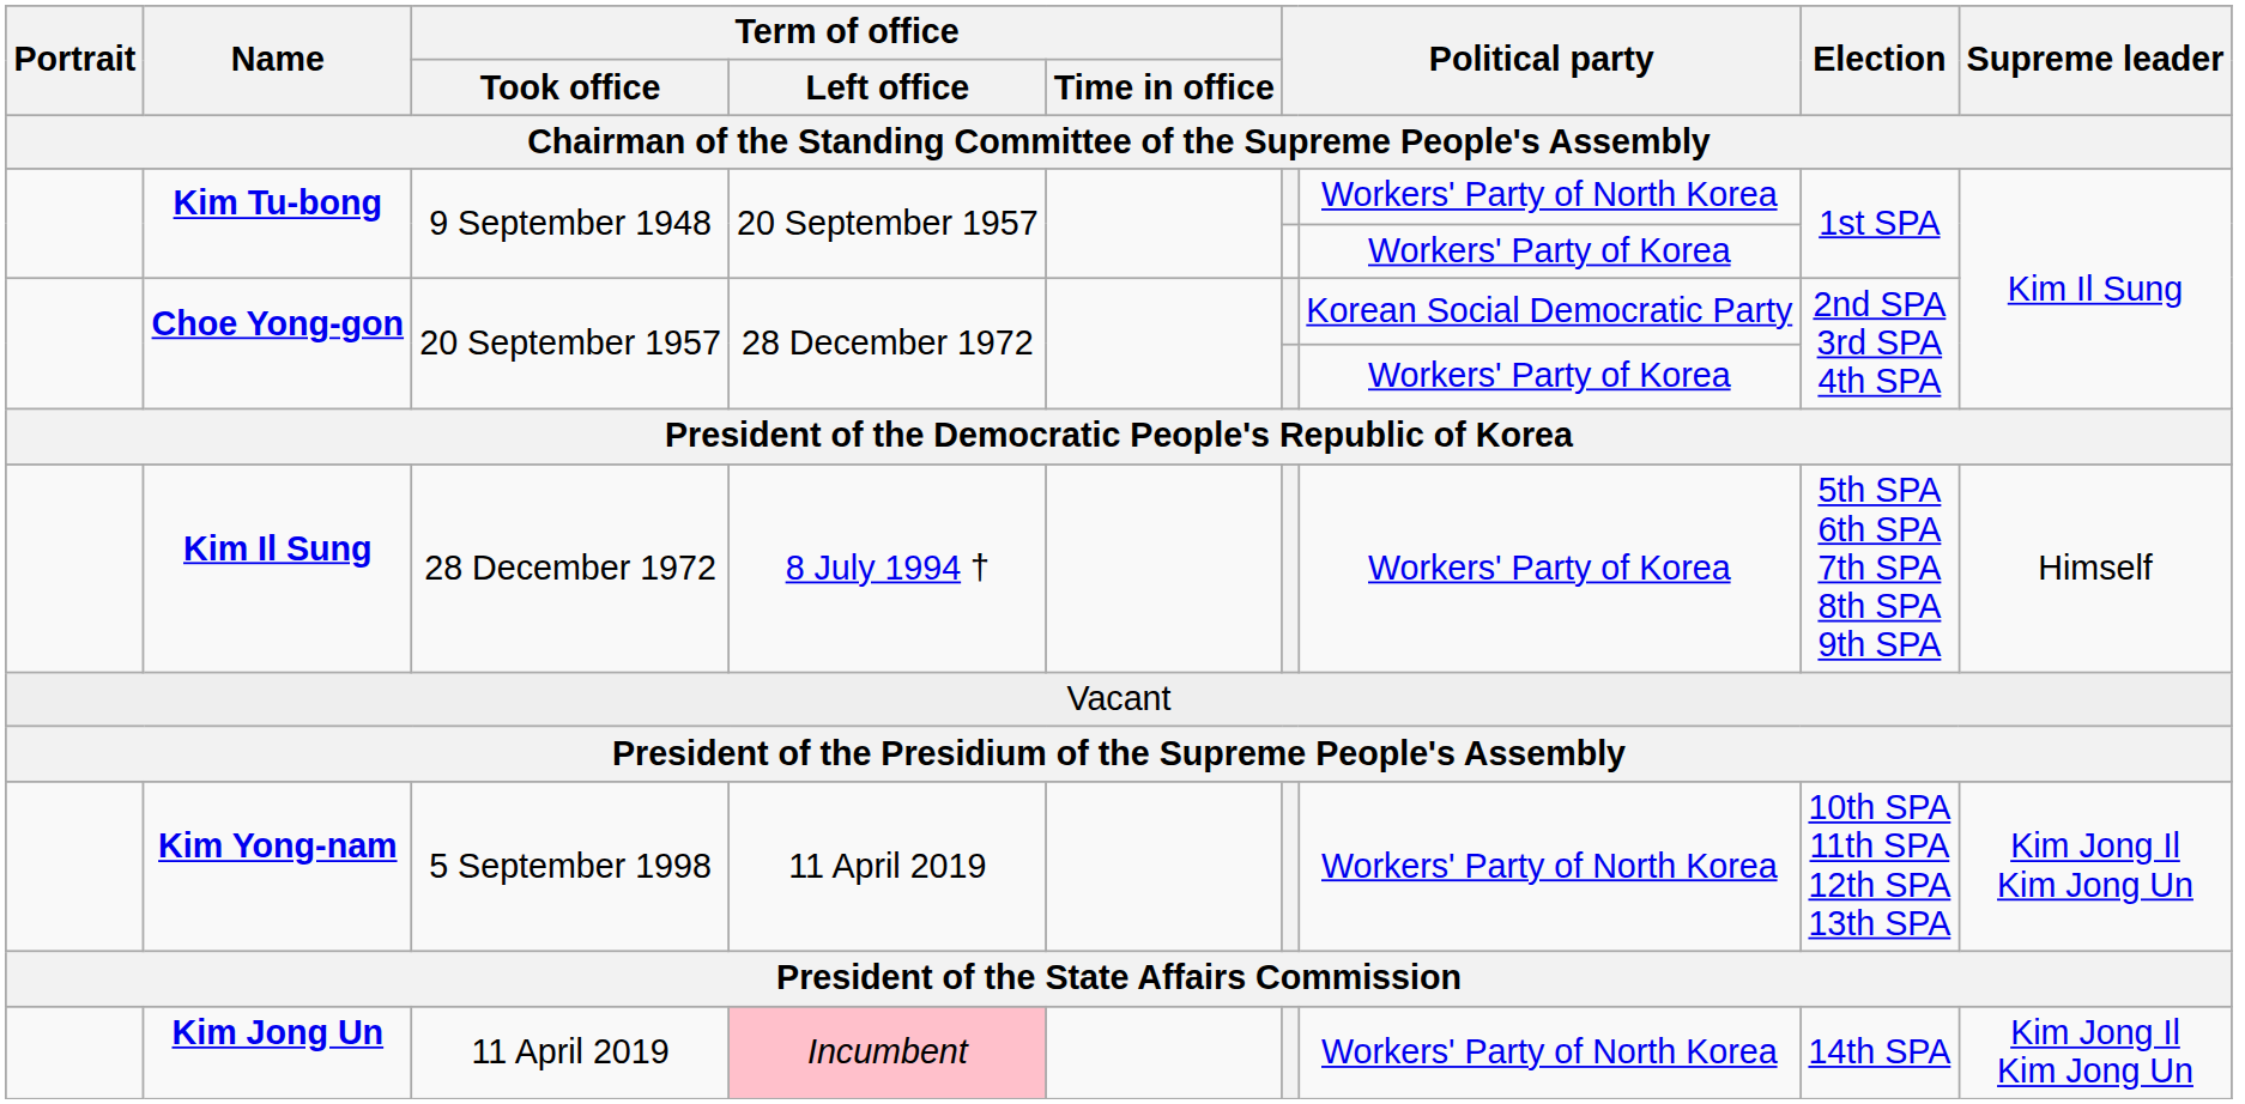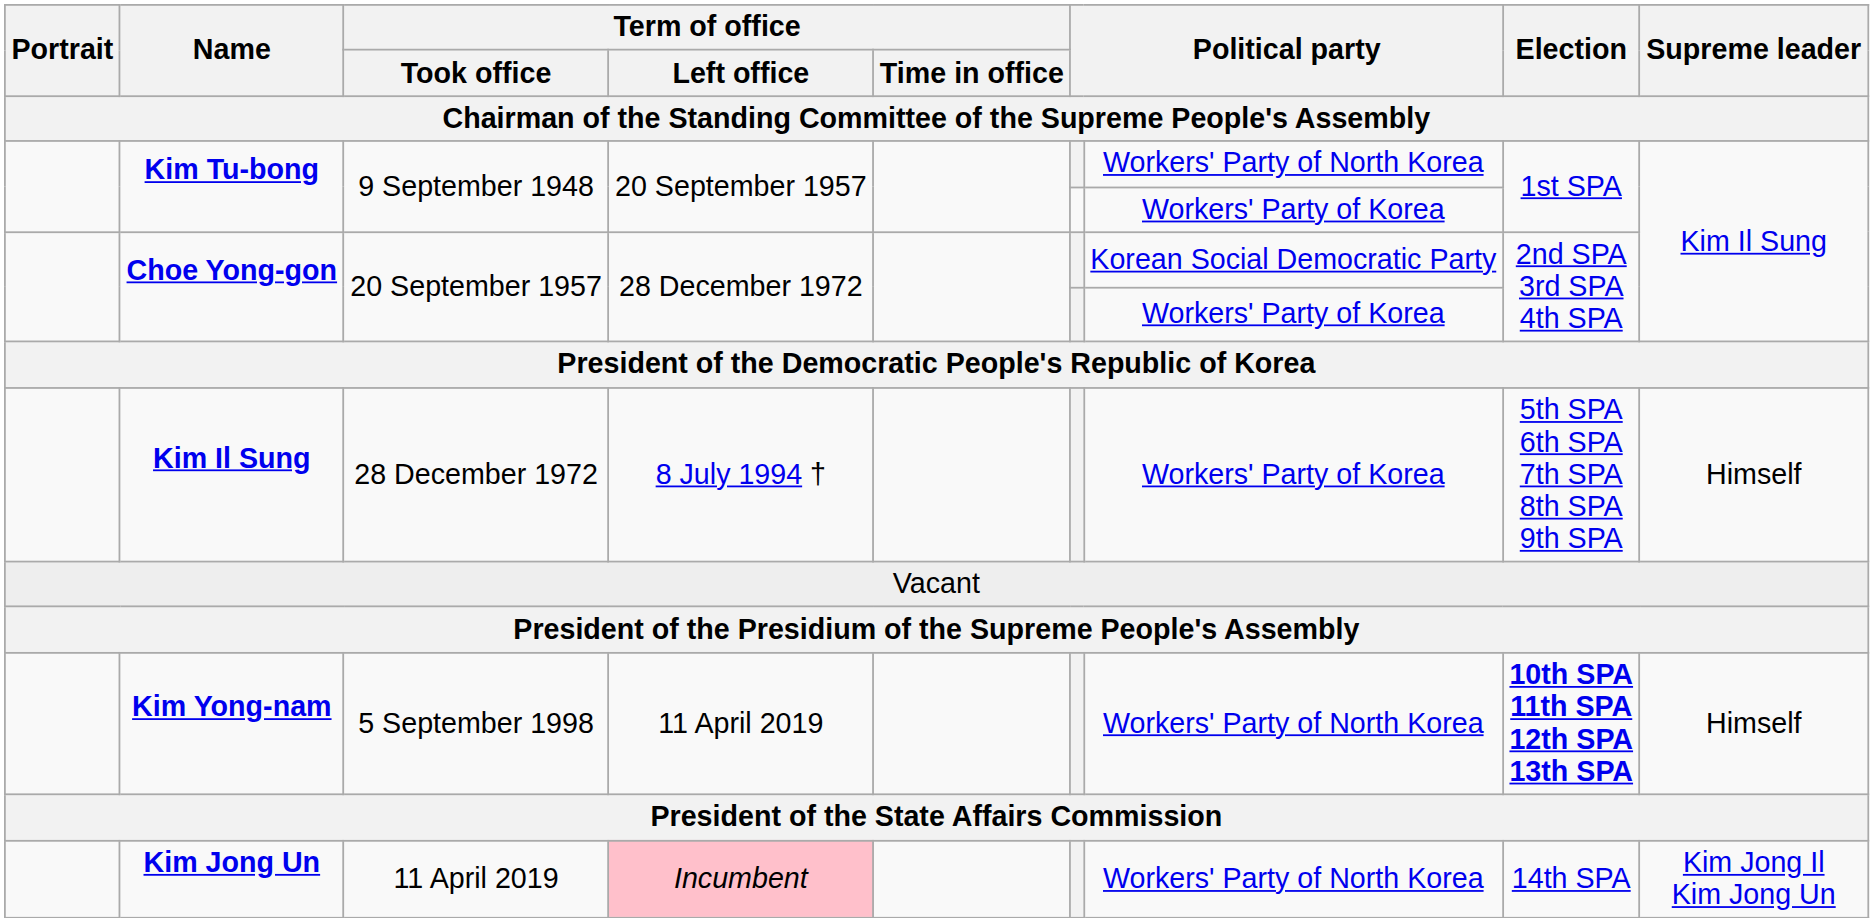 <table class="wikitable" style="text-align:center;">
 <tr>
 <th rowspan=2>Portrait</th>
 <th rowspan=2>Name<br></th>
 <th colspan=3>Term of office</th>
 <th colspan=2 rowspan=2>Political party</th>
 <th rowspan=2>Election</th>
 <th rowspan=2>Supreme leader</th>
 </tr>
 <tr>
 <th>Took office</th>
 <th>Left office</th>
 <th>Time in office</th>
 </tr>
 <tr>
 <th colspan=9>Chairman of the Standing Committee of the Supreme People's Assembly</th>
 </tr>
 <tr>
 <td rowspan=2></td>
 <td rowspan=2><strong><a href='#'>Kim Tu-bong</a></strong><br><br></td>
 <td rowspan=2>9 September 1948</td>
 <td rowspan=2>20 September 1957</td>
 <td rowspan=2></td>
 <th style="background:"></th>
 <td><a href='#'>Workers' Party of North Korea</a></td>
 <td rowspan=2><a href='#'>1st SPA</a></td>
 <td rowspan=4><a href='#'>Kim Il Sung</a></td>
 </tr>
 <tr>
 <td style="background:"></td>
 <td><a href='#'>Workers' Party of Korea</a></td>
 </tr>
 <tr>
 <td rowspan=2></td>
 <td rowspan=2><strong><a href='#'>Choe Yong-gon</a></strong><br><br></td>
 <td rowspan=2>20 September 1957</td>
 <td rowspan=2>28 December 1972</td>
 <td rowspan=2></td>
 <th style="background:"></th>
 <td><a href='#'>Korean Social Democratic Party</a></td>
 <td rowspan=2><a href='#'>2nd SPA</a><br><a href='#'>3rd SPA</a><br><a href='#'>4th SPA</a></td>
 </tr>
 <tr>
 <th style="background:"></th>
 <td><a href='#'>Workers' Party of Korea</a></td>
 </tr>
 <tr>
 <th colspan=9>President of the Democratic People's Republic of Korea</th>
 </tr>
 <tr>
 <td></td>
 <td><strong><a href='#'>Kim Il Sung</a></strong><br><br></td>
 <td>28 December 1972</td>
 <td><a href='#'>8 July 1994</a> †</td>
 <td></td>
 <th style="background:"></th>
 <td><a href='#'>Workers' Party of Korea</a></td>
 <td><a href='#'>5th SPA</a><br><a href='#'>6th SPA</a><br><a href='#'>7th SPA</a><br><a href='#'>8th SPA</a><br><a href='#'>9th SPA</a></td>
 <td>Himself</td>
 </tr>
 <tr>
 <td colspan=9 style="background:#EEEEEE">Vacant<br></td>
 </tr>
 <tr>
 <th colspan=9>President of the Presidium of the Supreme People's Assembly</th>
 </tr>
 <tr>
 <td></td>
 <td><strong><a href='#'>Kim Yong-nam</a></strong><br><br></td>
 <td>5 September 1998</td>
 <td>11 April 2019</td>
 <td></td>
 <th style="background:"></th>
 <td><a href='#'>Workers' Party of North Korea</a></td>
-<td><a href='#'>10th SPA</a><br><a href='#'>11th SPA</a><br><a href='#'>12th SPA</a><br><a href='#'>13th SPA</a></td>
-<td><a href='#'>Kim Jong Il</a><br><a href='#'>Kim Jong Un</a></td>
+<td><strong><a href='#'>10th SPA</a><br><a href='#'>11th SPA</a><br><a href='#'>12th SPA</a><br><a href='#'>13th SPA</a></strong></td>
+<td>Himself</td>
 </tr>
 <tr>
 <th colspan=9>President of the State Affairs Commission</th>
 </tr>
 <tr>
 <td></td>
 <td><strong><a href='#'>Kim Jong Un</a></strong><br><br></td>
 <td>11 April 2019</td>
 <td style="background: pink;"><em>Incumbent</em></td>
 <td></td>
 <th style="background:"></th>
 <td><a href='#'>Workers' Party of North Korea</a></td>
 <td><a href='#'>14th SPA</a></td>
 <td><a href='#'>Kim Jong Il</a><br><a href='#'>Kim Jong Un</a></td>
 </tr>
 </table>
